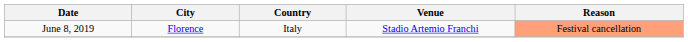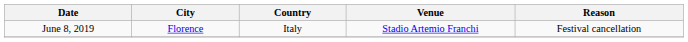 <table class="wikitable" style="text-align:center;">
 <tr>
 <th scope="col" style="width:12em;">Date</th>
 <th scope="col" style="width:10em;">City</th>
 <th scope="col" style="width:10em;">Country</th>
 <th scope="col" style="width:16em;">Venue</th>
 <th scope="col" style="width:16em;">Reason</th>
 </tr>
 <tr>
 <td>June 8, 2019</td>
 <td><a href='#'>Florence</a></td>
 <td>Italy</td>
 <td><a href='#'>Stadio Artemio Franchi</a></td>
-<td style="background: lightsalmon;">Festival cancellation</td>
+<td>Festival cancellation</td>
 </tr>
 <tr>
 </tr>
 </table>
